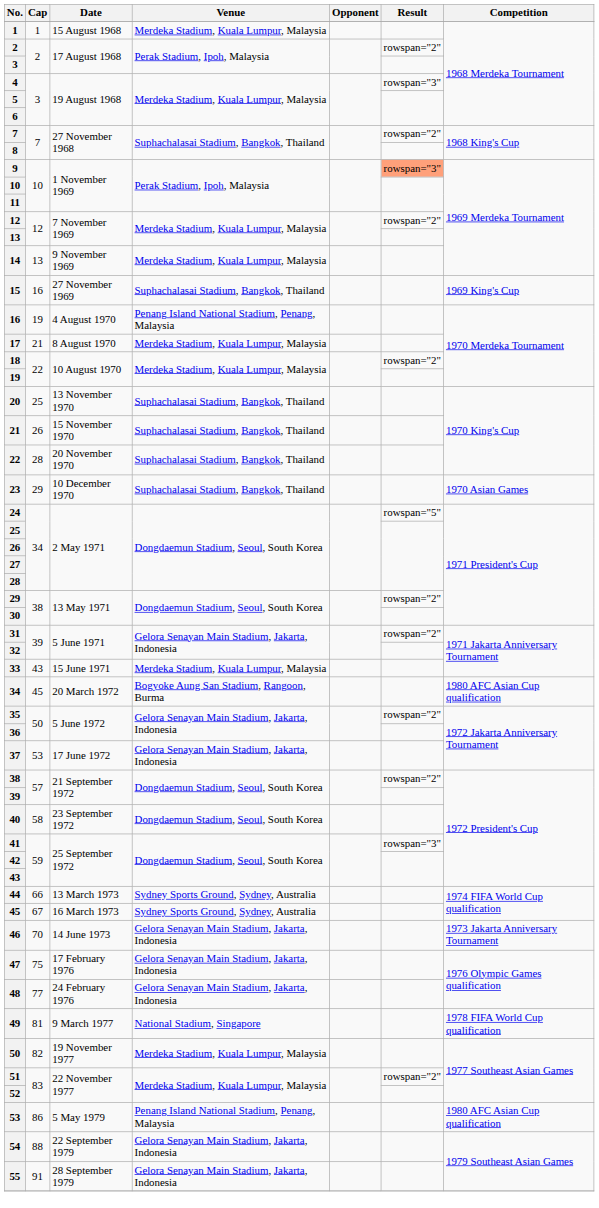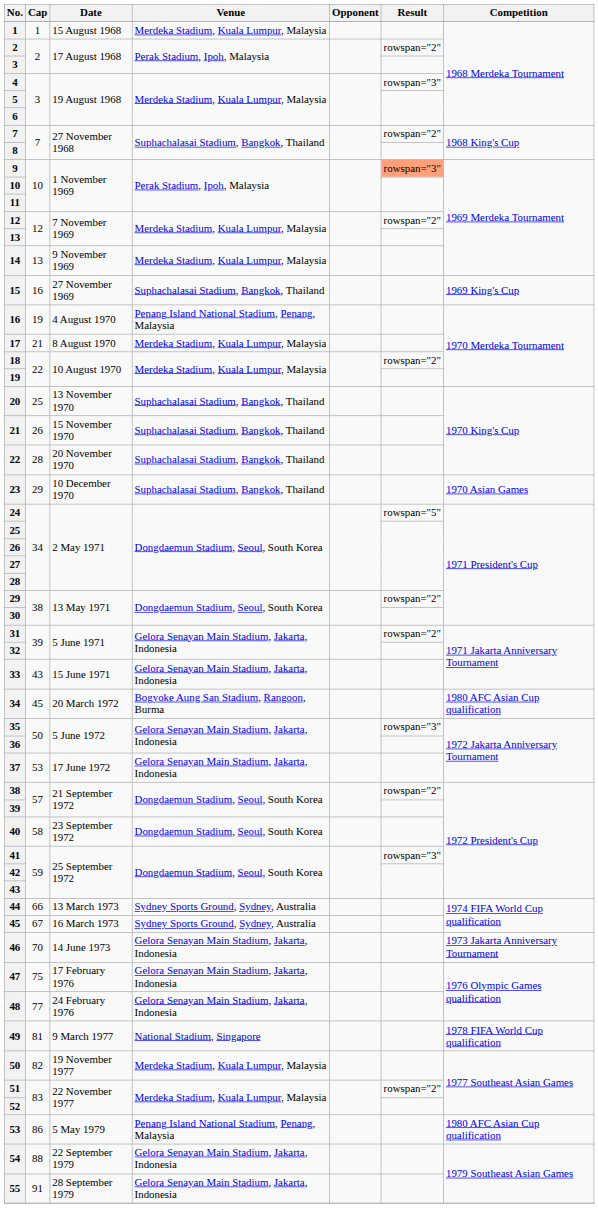 <table class="wikitable sortable">
 <tr>
 <th scope=col>No.</th>
 <th>Cap</th>
 <th>Date</th>
 <th scope="col">Venue</th>
 <th scope="col">Opponent</th>
 <th scope="col">Result</th>
 <th scope="col">Competition</th>
 </tr>
 <tr>
 </tr>
 <tr>
 <th scope=row; align=“center”>1</th>
 <td align=center>1</td>
 <td>15 August 1968</td>
 <td><a href='#'>Merdeka Stadium</a>, <a href='#'>Kuala Lumpur</a>, Malaysia</td>
 <td></td>
 <td></td>
 <td rowspan="6"><a href='#'>1968 Merdeka Tournament</a></td>
 </tr>
 <tr>
 <th scope=row; align=“center”>2</th>
 <td rowspan="2"; align=center>2</td>
 <td rowspan="2">17 August 1968</td>
 <td rowspan="2"><a href='#'>Perak Stadium</a>, <a href='#'>Ipoh</a>, Malaysia</td>
 <td rowspan="2"></td>
 <td>rowspan="2" </td>
 </tr>
 <tr>
 <th scope=row; align=“center”>3</th>
 </tr>
 <tr>
 <th scope=row; align=“center”>4</th>
 <td rowspan="3"; align=center>3</td>
 <td rowspan="3">19 August 1968</td>
 <td rowspan="3"><a href='#'>Merdeka Stadium</a>, <a href='#'>Kuala Lumpur</a>, Malaysia</td>
 <td rowspan="3"></td>
 <td>rowspan="3" </td>
 </tr>
 <tr>
 <th scope=row; align=“center”>5</th>
 </tr>
 <tr>
 <th scope=row; align=“center”>6</th>
 </tr>
 <tr>
 <th scope=row; align=“center”>7</th>
 <td rowspan="2"; align=center>7</td>
 <td rowspan="2">27 November 1968</td>
 <td rowspan="2"><a href='#'>Suphachalasai Stadium</a>, <a href='#'>Bangkok</a>, Thailand</td>
 <td rowspan="2"></td>
 <td>rowspan="2" </td>
 <td rowspan="2"><a href='#'>1968 King's Cup</a></td>
 </tr>
 <tr>
 <th scope=row; align=“center”>8</th>
 </tr>
 <tr>
 <th scope=row; align=“center”>9</th>
 <td rowspan="3"; align=center>10</td>
 <td rowspan="3">1 November 1969</td>
 <td rowspan="3"><a href='#'>Perak Stadium</a>, <a href='#'>Ipoh</a>, Malaysia</td>
 <td rowspan="3"></td>
 <td style="background: lightsalmon;">rowspan="3" </td>
 <td rowspan="6"><a href='#'>1969 Merdeka Tournament</a></td>
 </tr>
 <tr>
 <th scope=row; align=“center”>10</th>
 </tr>
 <tr>
 <th scope=row; align=“center”>11</th>
 </tr>
 <tr>
 <th scope=row; align=“center”>12</th>
 <td rowspan="2"; align=center>12</td>
 <td rowspan="2">7 November 1969</td>
 <td rowspan="2"><a href='#'>Merdeka Stadium</a>, <a href='#'>Kuala Lumpur</a>, Malaysia</td>
 <td rowspan="2"></td>
 <td>rowspan="2" </td>
 </tr>
 <tr>
 <th scope=row; align=“center”>13</th>
 </tr>
 <tr>
 <th scope=row; align=“center”>14</th>
 <td align=center>13</td>
 <td>9 November 1969</td>
 <td><a href='#'>Merdeka Stadium</a>, <a href='#'>Kuala Lumpur</a>, Malaysia</td>
 <td></td>
 <td></td>
 </tr>
 <tr>
 <th scope=row; align=“center”>15</th>
 <td align=center>16</td>
 <td>27 November 1969</td>
 <td><a href='#'>Suphachalasai Stadium</a>, <a href='#'>Bangkok</a>, Thailand</td>
 <td></td>
 <td></td>
 <td><a href='#'>1969 King's Cup</a></td>
 </tr>
 <tr>
 <th scope=row; align=“center”>16</th>
 <td align=center>19</td>
 <td>4 August 1970</td>
 <td><a href='#'>Penang Island National Stadium</a>, <a href='#'>Penang</a>, Malaysia</td>
 <td></td>
 <td></td>
 <td rowspan="4"><a href='#'>1970 Merdeka Tournament</a></td>
 </tr>
 <tr>
 <th scope=row; align=“center”>17</th>
 <td align=center>21</td>
 <td>8 August 1970</td>
 <td><a href='#'>Merdeka Stadium</a>, <a href='#'>Kuala Lumpur</a>, Malaysia</td>
 <td></td>
 <td></td>
 </tr>
 <tr>
 <th scope=row; align=“center”>18</th>
 <td rowspan="2"; align=center>22</td>
 <td rowspan="2">10 August 1970</td>
 <td rowspan="2"><a href='#'>Merdeka Stadium</a>, <a href='#'>Kuala Lumpur</a>, Malaysia</td>
 <td rowspan="2"></td>
 <td>rowspan="2" </td>
 </tr>
 <tr>
 <th scope=row; align=“center”>19</th>
 </tr>
 <tr>
 <th scope=row; align=“center”>20</th>
 <td align=center>25</td>
 <td>13 November 1970</td>
 <td><a href='#'>Suphachalasai Stadium</a>, <a href='#'>Bangkok</a>, Thailand</td>
 <td></td>
 <td></td>
 <td rowspan="3"><a href='#'>1970 King's Cup</a></td>
 </tr>
 <tr>
 <th scope=row; align=“center”>21</th>
 <td align=center>26</td>
 <td>15 November 1970</td>
 <td><a href='#'>Suphachalasai Stadium</a>, <a href='#'>Bangkok</a>, Thailand</td>
 <td></td>
 <td></td>
 </tr>
 <tr>
 <th scope=row; align=“center”>22</th>
 <td align=center>28</td>
 <td>20 November 1970</td>
 <td><a href='#'>Suphachalasai Stadium</a>, <a href='#'>Bangkok</a>, Thailand</td>
 <td></td>
 <td></td>
 </tr>
 <tr>
 <th scope=row; align=“center”>23</th>
 <td align=center>29</td>
 <td>10 December 1970</td>
 <td><a href='#'>Suphachalasai Stadium</a>, <a href='#'>Bangkok</a>, Thailand</td>
 <td></td>
 <td></td>
 <td><a href='#'>1970 Asian Games</a></td>
 </tr>
 <tr>
 <th scope=row; align=“center”>24</th>
 <td rowspan="5"; align=center>34</td>
 <td rowspan="5">2 May 1971</td>
 <td rowspan="5"><a href='#'>Dongdaemun Stadium</a>, <a href='#'>Seoul</a>, South Korea</td>
 <td rowspan="5"></td>
 <td>rowspan="5" </td>
 <td rowspan="7"><a href='#'>1971 President's Cup</a></td>
 </tr>
 <tr>
 <th scope=row; align=“center”>25</th>
 </tr>
 <tr>
 <th scope=row; align=“center”>26</th>
 </tr>
 <tr>
 <th scope=row; align=“center”>27</th>
 </tr>
 <tr>
 <th scope=row; align=“center”>28</th>
 </tr>
 <tr>
 <th scope=row; align=“center”>29</th>
 <td rowspan="2"; align=center>38</td>
 <td rowspan="2">13 May 1971</td>
 <td rowspan="2"><a href='#'>Dongdaemun Stadium</a>, <a href='#'>Seoul</a>, South Korea</td>
 <td rowspan="2"></td>
 <td>rowspan="2" </td>
 </tr>
 <tr>
 <th scope=row; align=“center”>30</th>
 </tr>
 <tr>
 <th scope=row; align=“center”>31</th>
 <td rowspan="2"; align=center>39</td>
 <td rowspan="2">5 June 1971</td>
 <td rowspan="2"><a href='#'>Gelora Senayan Main Stadium</a>, <a href='#'>Jakarta</a>, Indonesia</td>
 <td rowspan="2"></td>
 <td>rowspan="2" </td>
 <td rowspan="3"><a href='#'>1971 Jakarta Anniversary Tournament</a></td>
 </tr>
 <tr>
 <th scope=row; align="center">32</th>
 </tr>
 <tr>
 <th scope=row; align="center">33</th>
 <td align=center>43</td>
 <td>15 June 1971</td>
-<td><a href='#'>Merdeka Stadium</a>, <a href='#'>Kuala Lumpur</a>, Malaysia</td>
+<td><a href='#'>Gelora Senayan Main Stadium</a>, <a href='#'>Jakarta</a>, Indonesia</td>
 <td></td>
 <td></td>
 </tr>
 <tr>
 <th scope=row; align=“center”>34</th>
 <td align=center>45</td>
 <td>20 March 1972</td>
 <td><a href='#'>Bogyoke Aung San Stadium</a>, <a href='#'>Rangoon</a>, Burma</td>
 <td></td>
 <td></td>
 <td><a href='#'>1980 AFC Asian Cup qualification</a></td>
 </tr>
 <tr>
 <th scope=row; align=“center”>35</th>
 <td rowspan="2"; align=center>50</td>
 <td rowspan="2">5 June 1972</td>
 <td rowspan="2"><a href='#'>Gelora Senayan Main Stadium</a>, <a href='#'>Jakarta</a>, Indonesia</td>
 <td rowspan="2"></td>
-<td>rowspan="2" </td>
+<td>rowspan="3" </td>
 <td rowspan="3"><a href='#'>1972 Jakarta Anniversary Tournament</a></td>
 </tr>
 <tr>
 <th scope=row; align="center">36</th>
 </tr>
 <tr>
 <th scope=row; align="center">37</th>
 <td align=center>53</td>
 <td>17 June 1972</td>
 <td><a href='#'>Gelora Senayan Main Stadium</a>, <a href='#'>Jakarta</a>, Indonesia</td>
 <td></td>
 <td></td>
 </tr>
 <tr>
 <th scope=row; align="center">38</th>
 <td rowspan="2"; align=center>57</td>
 <td rowspan="2">21 September 1972</td>
 <td rowspan="2"><a href='#'>Dongdaemun Stadium</a>, <a href='#'>Seoul</a>, South Korea</td>
 <td rowspan="2"></td>
 <td>rowspan="2" </td>
 <td rowspan="6"><a href='#'>1972 President's Cup</a></td>
 </tr>
 <tr>
 <th scope=row; align="center">39</th>
 </tr>
 <tr>
 <th scope=row; align=“center”>40</th>
 <td align=center>58</td>
 <td>23 September 1972</td>
 <td><a href='#'>Dongdaemun Stadium</a>, <a href='#'>Seoul</a>, South Korea</td>
 <td></td>
 <td></td>
 </tr>
 <tr>
 <th scope=row; align=“center”>41</th>
 <td rowspan="3"; align=center>59</td>
 <td rowspan="3">25 September 1972</td>
 <td rowspan="3"><a href='#'>Dongdaemun Stadium</a>, <a href='#'>Seoul</a>, South Korea</td>
 <td rowspan="3"></td>
 <td>rowspan="3" </td>
 </tr>
 <tr>
 <th scope=row; align=“center”>42</th>
 </tr>
 <tr>
 <th scope=row; align=“center”>43</th>
 </tr>
 <tr>
 <th scope=row; align=“center”>44</th>
 <td align=center>66</td>
 <td>13 March 1973</td>
 <td><a href='#'>Sydney Sports Ground</a>, <a href='#'>Sydney</a>, Australia</td>
 <td></td>
 <td></td>
 <td rowspan="2"><a href='#'>1974 FIFA World Cup qualification</a></td>
 </tr>
 <tr>
 <th scope=row; align=“center”>45</th>
 <td align=center>67</td>
 <td>16 March 1973</td>
 <td><a href='#'>Sydney Sports Ground</a>, <a href='#'>Sydney</a>, Australia</td>
 <td></td>
 <td></td>
 </tr>
 <tr>
 <th scope=row; align=“center”>46</th>
 <td align=center>70</td>
 <td>14 June 1973</td>
 <td><a href='#'>Gelora Senayan Main Stadium</a>, <a href='#'>Jakarta</a>, Indonesia</td>
 <td></td>
 <td></td>
 <td><a href='#'>1973 Jakarta Anniversary Tournament</a></td>
 </tr>
 <tr>
 <th scope=row; align=“center”>47</th>
 <td align=center>75</td>
 <td>17 February 1976</td>
 <td><a href='#'>Gelora Senayan Main Stadium</a>, <a href='#'>Jakarta</a>, Indonesia</td>
 <td></td>
 <td></td>
 <td rowspan="2"><a href='#'>1976 Olympic Games qualification</a></td>
 </tr>
 <tr>
 <th scope=row; align=“center”>48</th>
 <td align=center>77</td>
 <td>24 February 1976</td>
 <td><a href='#'>Gelora Senayan Main Stadium</a>, <a href='#'>Jakarta</a>, Indonesia</td>
 <td></td>
 <td></td>
 </tr>
 <tr>
 <th scope=row; align=“center”>49</th>
 <td align=center>81</td>
 <td>9 March 1977</td>
 <td><a href='#'>National Stadium</a>, <a href='#'>Singapore</a></td>
 <td></td>
 <td></td>
 <td><a href='#'>1978 FIFA World Cup qualification</a></td>
 </tr>
 <tr>
 <th scope=row; align=“center”>50</th>
 <td align=center>82</td>
 <td>19 November 1977</td>
 <td><a href='#'>Merdeka Stadium</a>, <a href='#'>Kuala Lumpur</a>, Malaysia</td>
 <td></td>
 <td></td>
 <td rowspan="3"><a href='#'>1977 Southeast Asian Games</a></td>
 </tr>
 <tr>
 <th scope=row; align=“center”>51</th>
 <td rowspan="2"; align=center>83</td>
 <td rowspan="2">22 November 1977</td>
 <td rowspan="2"><a href='#'>Merdeka Stadium</a>, <a href='#'>Kuala Lumpur</a>, Malaysia</td>
 <td rowspan="2"></td>
 <td>rowspan="2" </td>
 </tr>
 <tr>
 <th scope=row; align=“center”>52</th>
 </tr>
 <tr>
 <th scope=row; align=“center”>53</th>
 <td align=center>86</td>
 <td>5 May 1979</td>
 <td><a href='#'>Penang Island National Stadium</a>, <a href='#'>Penang</a>, Malaysia</td>
 <td></td>
 <td></td>
 <td><a href='#'>1980 AFC Asian Cup qualification</a></td>
 </tr>
 <tr>
 <th scope=row; align=“center”>54</th>
 <td align=center>88</td>
 <td>22 September 1979</td>
 <td><a href='#'>Gelora Senayan Main Stadium</a>, <a href='#'>Jakarta</a>, Indonesia</td>
 <td></td>
 <td></td>
 <td rowspan="2"><a href='#'>1979 Southeast Asian Games</a></td>
 </tr>
 <tr>
 <th scope=row; align=“center”>55</th>
 <td align=center>91</td>
 <td>28 September 1979</td>
 <td><a href='#'>Gelora Senayan Main Stadium</a>, <a href='#'>Jakarta</a>, Indonesia</td>
 <td></td>
 <td></td>
 </tr>
 <tr>
 </tr>
 </table>
